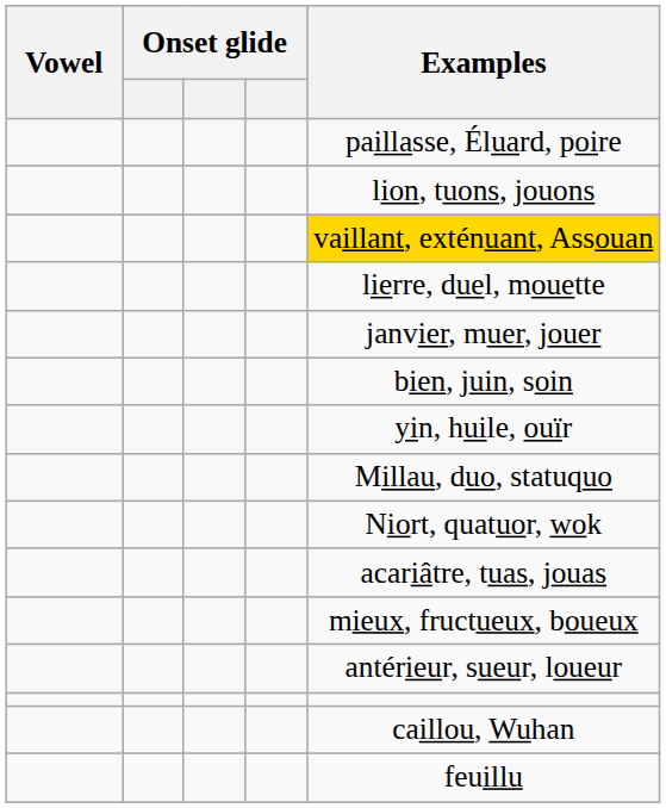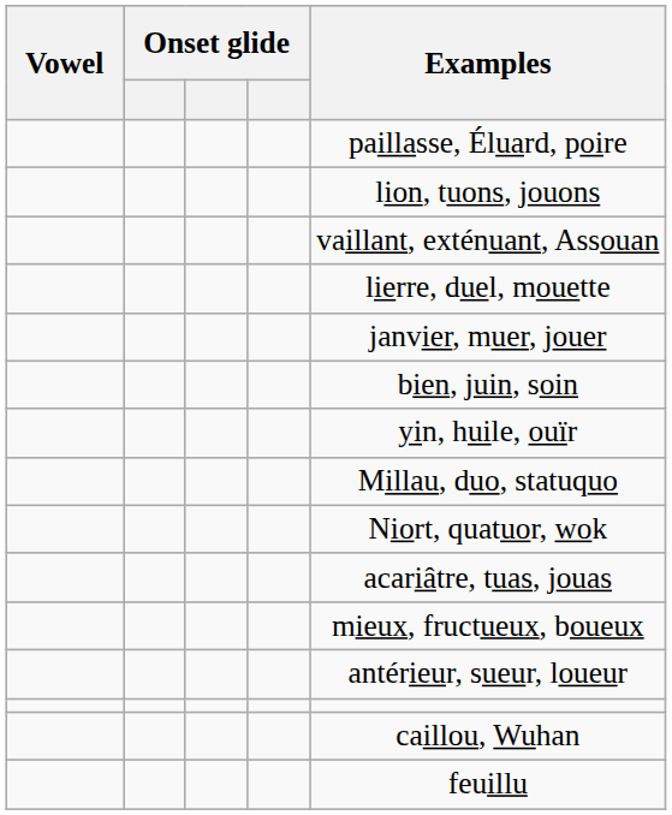 <table style="padding:10px; margin-left:auto; margin-right:auto; text-align:center;" class="wikitable">
 <tr>
 <th rowspan=2 style="padding:10px">Vowel</th>
 <th colspan=3 style="padding:10px">Onset glide</th>
 <th rowspan=2 style="padding:10px">Examples</th>
 </tr>
 <tr>
 <th style="padding:10px"></th>
 <th style="padding:10px"></th>
 <th style="padding:10px"></th>
 </tr>
 <tr>
 <td></td>
 <td></td>
 <td></td>
 <td></td>
 <td>pa<u>illa</u>sse, Él<u>ua</u>rd, p<u>oi</u>re</td>
 </tr>
 <tr>
 <td></td>
 <td></td>
 <td></td>
 <td></td>
 <td>l<u>ion</u>, t<u>uons</u>, j<u>ouons</u></td>
 </tr>
 <tr>
 <td></td>
 <td></td>
 <td></td>
 <td></td>
-<td style="background: gold;">va<u>illant</u>, extén<u>uant</u>, Ass<u>ouan</u></td>
+<td>va<u>illant</u>, extén<u>uant</u>, Ass<u>ouan</u></td>
 </tr>
 <tr>
 <td></td>
 <td></td>
 <td></td>
 <td></td>
 <td>l<u>ie</u>rre, d<u>ue</u>l, m<u>oue</u>tte</td>
 </tr>
 <tr>
 <td></td>
 <td></td>
 <td></td>
 <td></td>
 <td>janv<u>ier</u>, m<u>uer</u>, j<u>ouer</u></td>
 </tr>
 <tr>
 <td></td>
 <td></td>
 <td></td>
 <td></td>
 <td>b<u>ien</u>, j<u>uin</u>, s<u>oin</u></td>
 </tr>
 <tr>
 <td></td>
 <td></td>
 <td></td>
 <td></td>
 <td><u>yi</u>n, h<u>ui</u>le, <u>ouï</u>r</td>
 </tr>
 <tr>
 <td></td>
 <td></td>
 <td></td>
 <td></td>
 <td>M<u>illau</u>, d<u>uo</u>, statuq<u>uo</u></td>
 </tr>
 <tr>
 <td></td>
 <td></td>
 <td></td>
 <td></td>
 <td>N<u>io</u>rt, quat<u>uo</u>r, <u>wo</u>k</td>
 </tr>
 <tr>
 <td></td>
 <td></td>
 <td></td>
 <td></td>
 <td>acar<u>iâ</u>tre, t<u>uas</u>, j<u>ouas</u></td>
 </tr>
 <tr>
 <td></td>
 <td></td>
 <td></td>
 <td></td>
 <td>m<u>ieux</u>, fruct<u>ueux</u>, b<u>oueux</u></td>
 </tr>
 <tr>
 <td></td>
 <td></td>
 <td></td>
 <td></td>
 <td>antér<u>ieu</u>r, s<u>ueu</u>r, l<u>oueu</u>r</td>
 </tr>
 <tr>
 <td></td>
 <td></td>
 <td></td>
 <td></td>
 <td></td>
 </tr>
 <tr>
 <td></td>
 <td></td>
 <td></td>
 <td></td>
 <td>ca<u>illou</u>, <u>Wu</u>han</td>
 </tr>
 <tr>
 <td></td>
 <td></td>
 <td></td>
 <td></td>
 <td>feu<u>illu</u></td>
 </tr>
 </table>
